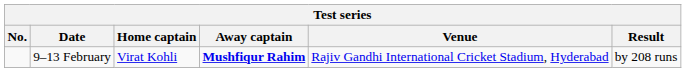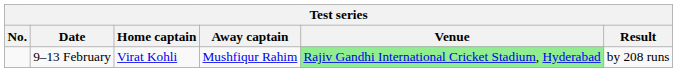 <table class="wikitable">
 <tr>
 <th colspan="6">Test series</th>
 </tr>
 <tr>
 <th>No.</th>
 <th>Date</th>
 <th>Home captain</th>
 <th>Away captain</th>
 <th>Venue</th>
 <th>Result</th>
 </tr>
 <tr>
 <td></td>
 <td>9–13 February</td>
 <td><a href='#'>Virat Kohli</a></td>
-<td><strong><a href='#'>Mushfiqur Rahim</a></strong></td>
-<td><a href='#'>Rajiv Gandhi International Cricket Stadium</a>, <a href='#'>Hyderabad</a></td>
+<td><a href='#'>Mushfiqur Rahim</a></td>
+<td style="background: lightgreen;"><a href='#'>Rajiv Gandhi International Cricket Stadium</a>, <a href='#'>Hyderabad</a></td>
 <td> by 208 runs</td>
 </tr>
 </table>
